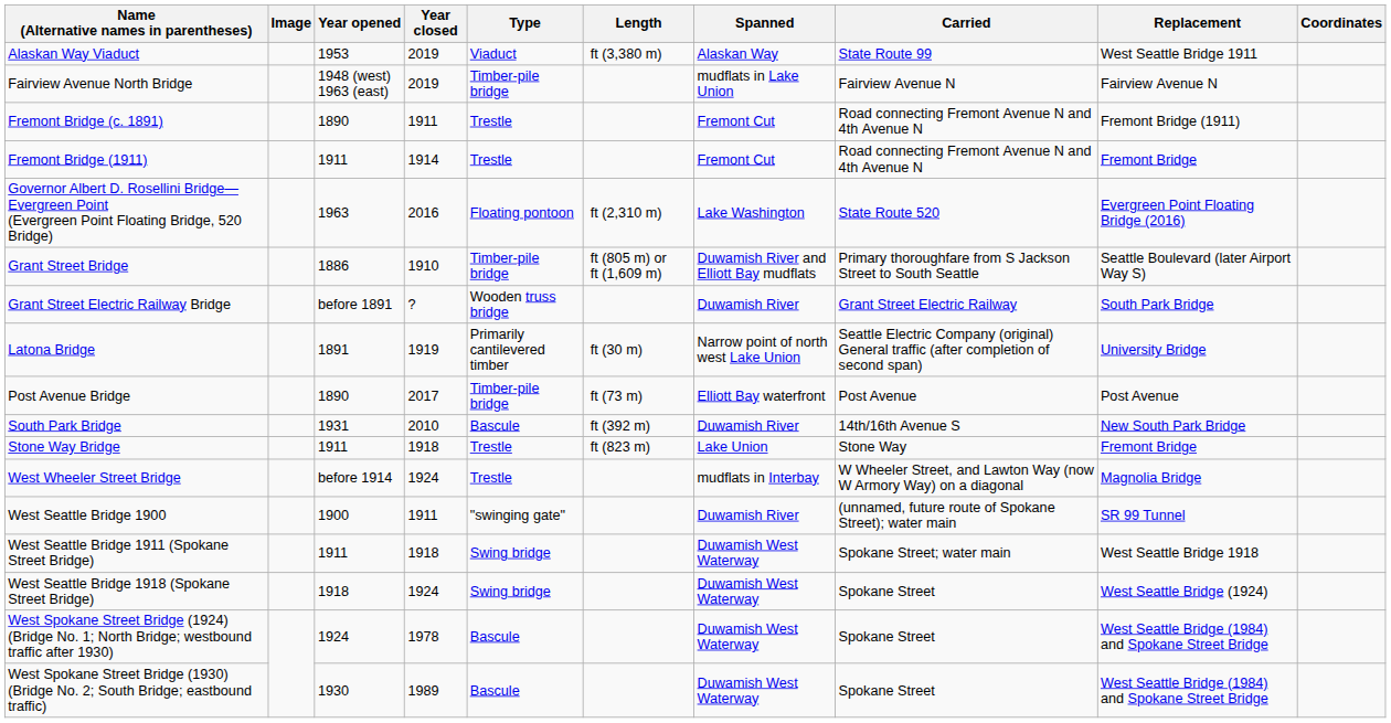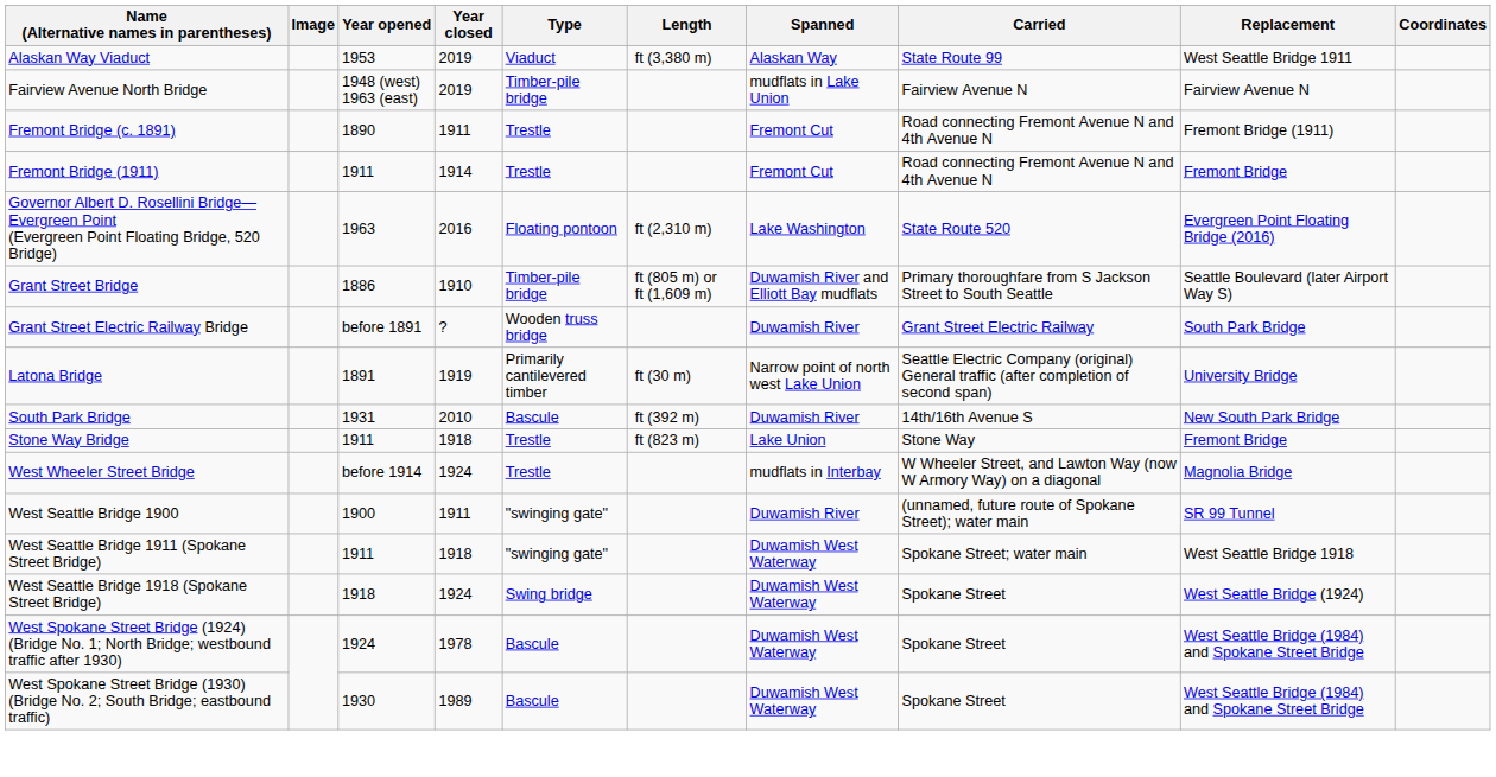 <table class="wikitable sortable" width="100%">
 <tr>
 <th scope="col">Name<br>(Alternative names in parentheses)</th>
 <th scope="col" class="unsortable">Image</th>
 <th scope="col">Year opened</th>
 <th scope="col">Year closed</th>
 <th scope="col">Type</th>
 <th scope="col">Length</th>
 <th scope="col">Spanned</th>
 <th scope="col">Carried</th>
 <th scole="col" class="unsortable">Replacement</th>
 <th scope="col">Coordinates</th>
 </tr>
 <tr>
 <td><a href='#'>Alaskan Way Viaduct</a></td>
 <td></td>
 <td>1953</td>
 <td>2019</td>
 <td><a href='#'>Viaduct</a></td>
 <td> ft (3,380 m)</td>
 <td><a href='#'>Alaskan Way</a></td>
 <td><a href='#'>State Route 99</a></td>
 <td>West Seattle Bridge  1911</td>
 <td></td>
 </tr>
 <tr>
 <td>Fairview Avenue North Bridge</td>
 <td></td>
 <td>1948 (west) 1963 (east)</td>
 <td>2019</td>
 <td><a href='#'>Timber-pile bridge</a></td>
 <td></td>
 <td>mudflats in <a href='#'>Lake Union</a></td>
 <td>Fairview Avenue N</td>
 <td>Fairview Avenue N</td>
 <td></td>
 </tr>
 <tr>
 <td><a href='#'>Fremont Bridge (c. 1891)</a></td>
 <td></td>
 <td>1890</td>
 <td>1911</td>
 <td><a href='#'>Trestle</a></td>
 <td></td>
 <td><a href='#'>Fremont Cut</a></td>
 <td>Road connecting Fremont Avenue N and 4th Avenue N</td>
 <td>Fremont Bridge (1911)</td>
 <td></td>
 </tr>
 <tr>
 <td><a href='#'>Fremont Bridge (1911)</a></td>
 <td></td>
 <td>1911</td>
 <td>1914</td>
 <td><a href='#'>Trestle</a></td>
 <td></td>
 <td><a href='#'>Fremont Cut</a></td>
 <td>Road connecting Fremont Avenue N and 4th Avenue N</td>
 <td><a href='#'>Fremont Bridge</a></td>
 <td></td>
 </tr>
 <tr>
 <td><a href='#'>Governor Albert D. Rosellini Bridge—Evergreen Point</a><br>(Evergreen Point Floating Bridge, 520 Bridge)</td>
 <td></td>
 <td>1963</td>
 <td>2016</td>
 <td><a href='#'>Floating pontoon</a></td>
 <td> ft (2,310 m)</td>
 <td><a href='#'>Lake Washington</a></td>
 <td><a href='#'>State Route 520</a></td>
 <td><a href='#'>Evergreen Point Floating Bridge (2016)</a></td>
 <td></td>
 </tr>
 <tr>
 <td><a href='#'>Grant Street Bridge</a></td>
 <td></td>
 <td>1886</td>
 <td> 1910</td>
 <td><a href='#'>Timber-pile bridge</a></td>
 <td> ft (805 m) or  ft (1,609 m)</td>
 <td><a href='#'>Duwamish River</a> and <a href='#'>Elliott Bay</a> mudflats</td>
 <td>Primary thoroughfare from S Jackson Street to South Seattle</td>
 <td>Seattle Boulevard (later Airport Way S)</td>
 <td></td>
 </tr>
 <tr>
 <td><a href='#'>Grant Street Electric Railway</a> Bridge</td>
 <td></td>
 <td>before 1891</td>
 <td>?</td>
 <td>Wooden <a href='#'>truss bridge</a></td>
 <td></td>
 <td><a href='#'>Duwamish River</a></td>
 <td><a href='#'>Grant Street Electric Railway</a></td>
 <td><a href='#'>South Park Bridge</a></td>
 <td></td>
 </tr>
 <tr>
 <td><a href='#'>Latona Bridge</a></td>
 <td></td>
 <td>1891</td>
 <td>1919</td>
 <td>Primarily cantilevered timber</td>
 <td> ft (30 m)</td>
 <td>Narrow point of north west <a href='#'>Lake Union</a></td>
 <td>Seattle Electric Company (original) General traffic (after completion of second span)</td>
 <td><a href='#'>University Bridge</a></td>
 <td></td>
 </tr>
 <tr>
-<td>Post Avenue Bridge</td>
-<td></td>
-<td>1890</td>
-<td>2017</td>
-<td><a href='#'>Timber-pile bridge</a></td>
-<td> ft (73 m)</td>
-<td><a href='#'>Elliott Bay</a> waterfront</td>
-<td>Post Avenue</td>
-<td>Post Avenue</td>
-<td></td>
-</tr>
-<tr>
 <td><a href='#'>South Park Bridge</a></td>
 <td></td>
 <td>1931</td>
 <td>2010</td>
 <td><a href='#'>Bascule</a></td>
 <td> ft (392 m)</td>
 <td><a href='#'>Duwamish River</a></td>
 <td>14th/16th Avenue S</td>
 <td><a href='#'>New South Park Bridge</a></td>
 <td></td>
 </tr>
 <tr>
 <td><a href='#'>Stone Way Bridge</a></td>
 <td></td>
 <td>1911</td>
 <td>1918</td>
 <td><a href='#'>Trestle</a></td>
 <td> ft (823 m)</td>
 <td><a href='#'>Lake Union</a></td>
 <td>Stone Way</td>
 <td><a href='#'>Fremont Bridge</a></td>
 <td></td>
 </tr>
 <tr>
 <td><a href='#'>West Wheeler Street Bridge</a></td>
 <td></td>
 <td>before 1914</td>
 <td>1924</td>
 <td><a href='#'>Trestle</a></td>
 <td></td>
 <td>mudflats in <a href='#'>Interbay</a></td>
 <td>W Wheeler Street, and Lawton Way (now W Armory Way) on a diagonal</td>
 <td><a href='#'>Magnolia Bridge</a></td>
 <td></td>
 </tr>
 <tr>
 <td>West Seattle Bridge  1900</td>
 <td></td>
 <td> 1900</td>
 <td> 1911</td>
 <td>"swinging gate"</td>
 <td></td>
 <td><a href='#'>Duwamish River</a></td>
 <td>(unnamed, future route of Spokane Street); water main</td>
 <td><a href='#'>SR 99 Tunnel</a></td>
 <td></td>
 </tr>
 <tr>
 <td>West Seattle Bridge  1911 (Spokane Street Bridge)</td>
 <td></td>
 <td> 1911</td>
 <td> 1918</td>
-<td><a href='#'>Swing bridge</a></td>
+<td>"swinging gate"</td>
 <td></td>
 <td><a href='#'>Duwamish  West Waterway</a></td>
 <td>Spokane Street; water main</td>
 <td>West Seattle Bridge  1918</td>
 <td></td>
 </tr>
 <tr>
 <td>West Seattle Bridge  1918 (Spokane Street Bridge)</td>
 <td></td>
 <td> 1918</td>
 <td>1924</td>
 <td><a href='#'>Swing bridge</a></td>
 <td></td>
 <td><a href='#'>Duwamish West Waterway</a></td>
 <td>Spokane Street</td>
 <td><a href='#'>West Seattle Bridge</a> (1924)</td>
 <td></td>
 </tr>
 <tr>
 <td><a href='#'>West Spokane Street Bridge</a> (1924) (Bridge No. 1; North Bridge; westbound traffic after 1930) </td>
 <td rowspan="2"></td>
 <td>1924</td>
 <td>1978</td>
 <td><a href='#'>Bascule</a></td>
 <td></td>
 <td><a href='#'>Duwamish  West Waterway</a></td>
 <td>Spokane Street</td>
 <td><a href='#'>West Seattle Bridge (1984)</a> and <a href='#'>Spokane Street Bridge</a></td>
 <td></td>
 </tr>
 <tr>
 <td>West Spokane Street Bridge (1930) (Bridge No. 2; South Bridge; eastbound traffic)</td>
 <td>1930</td>
 <td>1989</td>
 <td><a href='#'>Bascule</a></td>
 <td></td>
 <td><a href='#'>Duwamish  West Waterway</a></td>
 <td>Spokane Street</td>
 <td><a href='#'>West Seattle Bridge (1984)</a> and <a href='#'>Spokane Street Bridge</a></td>
 <td></td>
 </tr>
 </table>
